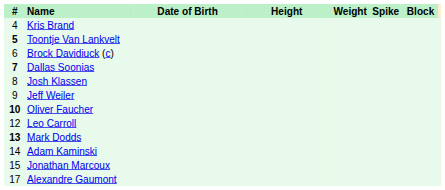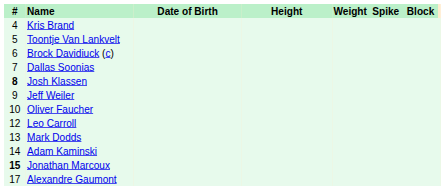 <table border=0 cellpadding=2 cellspacing=0  |- bgcolor=#FFECCE style="text-align:center; font-size:90%;" width=100%>
 <tr bgcolor=#BBF0C9>
 <th width=5%>#</th>
 <th width=25% align=left>Name</th>
 <th width=25%>Date of Birth</th>
 <th width=21%>Height</th>
 <th width=8%>Weight</th>
 <th width=8%>Spike</th>
 <th width=8%>Block</th>
 </tr>
 <tr bgcolor=#E7FAEC>
 <td>4</td>
 <td align=left><a href='#'>Kris Brand</a></td>
 <td></td>
 <td></td>
 <td></td>
 <td></td>
 <td></td>
 <td></td>
 </tr>
 <tr bgcolor=#E7FAEC>
-<td><strong>5</strong></td>
+<td>5</td>
 <td align=left><a href='#'>Toontje Van Lankvelt</a></td>
 <td></td>
 <td></td>
 <td></td>
 <td></td>
 <td></td>
 <td></td>
 </tr>
 <tr bgcolor=#E7FAEC>
 <td>6</td>
 <td align=left><a href='#'>Brock Davidiuck</a> (<a href='#'>c</a>)</td>
 <td></td>
 <td></td>
 <td></td>
 <td></td>
 <td></td>
 <td></td>
 </tr>
 <tr bgcolor=#E7FAEC>
-<td><strong>7</strong></td>
+<td>7</td>
 <td align=left><a href='#'>Dallas Soonias</a></td>
 <td></td>
 <td></td>
 <td></td>
 <td></td>
 <td></td>
 <td></td>
 </tr>
 <tr bgcolor=#E7FAEC>
-<td>8</td>
+<td><strong>8</strong></td>
 <td align=left><a href='#'>Josh Klassen</a></td>
 <td></td>
 <td></td>
 <td></td>
 <td></td>
 <td></td>
 <td></td>
 </tr>
 <tr bgcolor=#E7FAEC>
 <td>9</td>
 <td align=left><a href='#'>Jeff Weiler</a></td>
 <td></td>
 <td></td>
 <td></td>
 <td></td>
 <td></td>
 <td></td>
 </tr>
 <tr bgcolor=#E7FAEC>
-<td><strong>10</strong></td>
+<td>10</td>
 <td align=left><a href='#'>Oliver Faucher</a></td>
 <td></td>
 <td></td>
 <td></td>
 <td></td>
 <td></td>
 <td></td>
 </tr>
 <tr bgcolor=#E7FAEC>
 <td>12</td>
 <td align=left><a href='#'>Leo Carroll</a></td>
 <td></td>
 <td></td>
 <td></td>
 <td></td>
 <td></td>
 <td></td>
 </tr>
 <tr bgcolor=#E7FAEC>
-<td><strong>13</strong></td>
+<td>13</td>
 <td align=left><a href='#'>Mark Dodds</a></td>
 <td></td>
 <td></td>
 <td></td>
 <td></td>
 <td></td>
 <td></td>
 </tr>
 <tr bgcolor=#E7FAEC>
 <td>14</td>
 <td align=left><a href='#'>Adam Kaminski</a></td>
 <td></td>
 <td></td>
 <td></td>
 <td></td>
 <td></td>
 <td></td>
 </tr>
 <tr bgcolor=#E7FAEC>
-<td>15</td>
+<td><strong>15</strong></td>
 <td align=left><a href='#'>Jonathan Marcoux</a></td>
 <td></td>
 <td></td>
 <td></td>
 <td></td>
 <td></td>
 <td></td>
 </tr>
 <tr bgcolor=#E7FAEC>
 <td>17</td>
 <td align=left><a href='#'>Alexandre Gaumont</a></td>
 <td></td>
 <td></td>
 <td></td>
 <td></td>
 <td></td>
 <td></td>
 </tr>
 </table>
